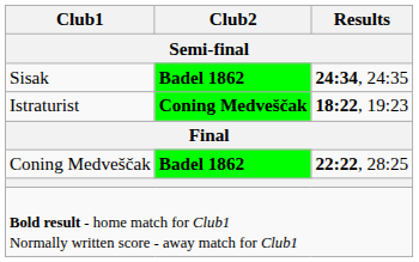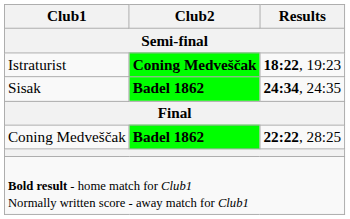 <table class="wikitable">
 <tr>
 <th>Club1</th>
 <th>Club2</th>
 <th>Results</th>
 </tr>
 <tr>
 <th colspan="3">Semi-final</th>
 </tr>
 <tr>
+<td>Istraturist</td>
+<td bgcolor="lime"><strong>Coning Medveščak</strong></td>
+<td><strong>18:22</strong>, 19:23</td>
+</tr>
+<tr>
 <td>Sisak</td>
 <td bgcolor="lime"><strong>Badel 1862</strong></td>
 <td><strong>24:34</strong>, 24:35</td>
-</tr>
-<tr>
-<td>Istraturist</td>
-<td bgcolor="lime"><strong>Coning Medveščak</strong></td>
-<td><strong>18:22</strong>, 19:23</td>
 </tr>
 <tr>
 <th colspan="3">Final</th>
 </tr>
 <tr>
 <td>Coning Medveščak</td>
 <td bgcolor="lime"><strong>Badel 1862</strong></td>
 <td><strong>22:22</strong>, 28:25</td>
 </tr>
 <tr>
 <th colspan="3"></th>
 </tr>
 <tr>
 <td colspan="3"><br><small><strong>Bold result</strong> - home match for <em>Club1</em></small><br> <small>Normally written score - away match for <em>Club1</em> </small></td>
 </tr>
 </table>
